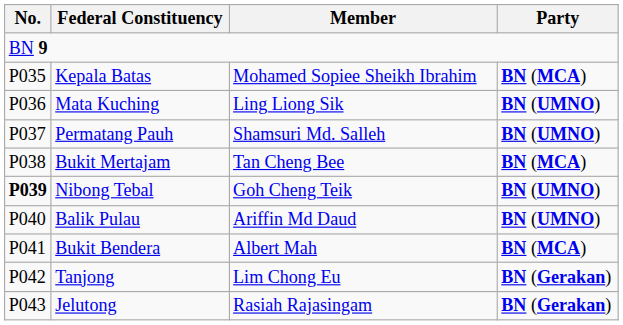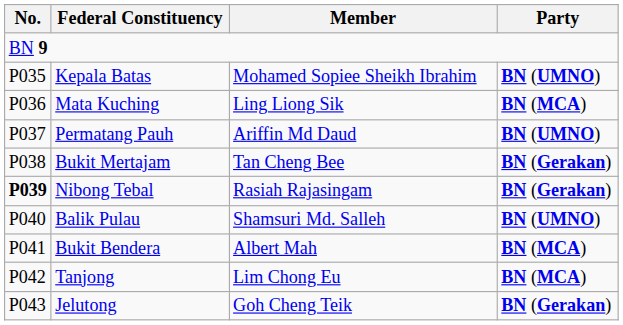 <table class="wikitable sortable">
 <tr>
 <th style="width:30px;">No.</th>
 <th style="width:150px;">Federal Constituency</th>
 <th style="width:230px;">Member</th>
 <th style="width:100px;">Party</th>
 </tr>
 <tr>
 <td colspan="4"><a href='#'>BN</a> <strong>9</strong></td>
 </tr>
 <tr>
 <td>P035</td>
 <td><a href='#'>Kepala Batas</a></td>
 <td><a href='#'>Mohamed Sopiee Sheikh Ibrahim</a></td>
-<td><strong><a href='#'>BN</a></strong> (<strong><a href='#'>MCA</a></strong>)</td>
+<td><strong><a href='#'>BN</a></strong> (<strong><a href='#'>UMNO</a></strong>)</td>
 </tr>
 <tr>
 <td>P036</td>
 <td><a href='#'>Mata Kuching</a></td>
 <td><a href='#'>Ling Liong Sik</a></td>
-<td><strong><a href='#'>BN</a></strong> (<strong><a href='#'>UMNO</a></strong>)</td>
+<td><strong><a href='#'>BN</a></strong> (<strong><a href='#'>MCA</a></strong>)</td>
 </tr>
 <tr>
 <td>P037</td>
 <td><a href='#'>Permatang Pauh</a></td>
-<td><a href='#'>Shamsuri Md. Salleh</a></td>
+<td><a href='#'>Ariffin Md Daud</a></td>
 <td><strong><a href='#'>BN</a></strong> (<strong><a href='#'>UMNO</a></strong>)</td>
 </tr>
 <tr>
 <td>P038</td>
 <td><a href='#'>Bukit Mertajam</a></td>
 <td><a href='#'>Tan Cheng Bee</a></td>
-<td><strong><a href='#'>BN</a></strong> (<strong><a href='#'>MCA</a></strong>)</td>
+<td><strong><a href='#'>BN</a></strong> (<strong><a href='#'>Gerakan</a></strong>)</td>
 </tr>
 <tr>
 <td><strong>P039</strong></td>
 <td><a href='#'>Nibong Tebal</a></td>
-<td><a href='#'>Goh Cheng Teik</a></td>
-<td><strong><a href='#'>BN</a></strong> (<strong><a href='#'>UMNO</a></strong>)</td>
+<td><a href='#'>Rasiah Rajasingam</a></td>
+<td><strong><a href='#'>BN</a></strong> (<strong><a href='#'>Gerakan</a></strong>)</td>
 </tr>
 <tr>
 <td>P040</td>
 <td><a href='#'>Balik Pulau</a></td>
-<td><a href='#'>Ariffin Md Daud</a></td>
+<td><a href='#'>Shamsuri Md. Salleh</a></td>
 <td><strong><a href='#'>BN</a></strong> (<strong><a href='#'>UMNO</a></strong>)</td>
 </tr>
 <tr>
 <td>P041</td>
 <td><a href='#'>Bukit Bendera</a></td>
 <td><a href='#'>Albert Mah</a></td>
 <td><strong><a href='#'>BN</a></strong> (<strong><a href='#'>MCA</a></strong>)</td>
 </tr>
 <tr>
 <td>P042</td>
 <td><a href='#'>Tanjong</a></td>
 <td><a href='#'>Lim Chong Eu</a></td>
-<td><strong><a href='#'>BN</a></strong> (<strong><a href='#'>Gerakan</a></strong>)</td>
+<td><strong><a href='#'>BN</a></strong> (<strong><a href='#'>MCA</a></strong>)</td>
 </tr>
 <tr>
 <td>P043</td>
 <td><a href='#'>Jelutong</a></td>
-<td><a href='#'>Rasiah Rajasingam</a></td>
+<td><a href='#'>Goh Cheng Teik</a></td>
 <td><strong><a href='#'>BN</a></strong> (<strong><a href='#'>Gerakan</a></strong>)</td>
 </tr>
 </table>
